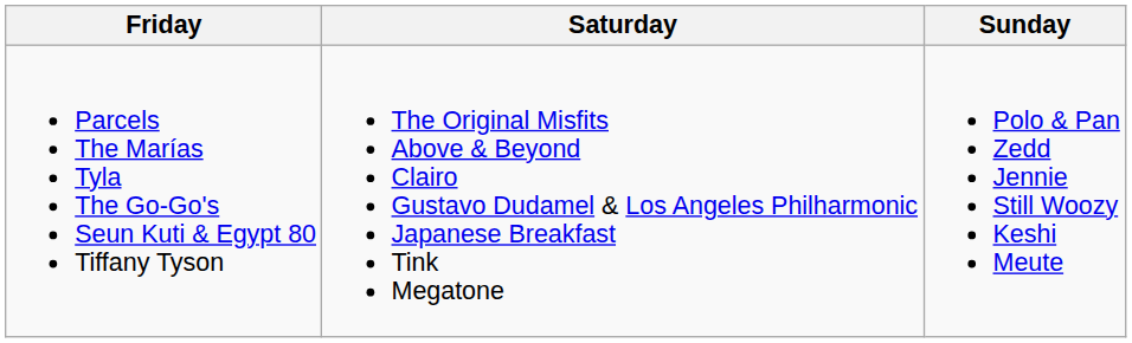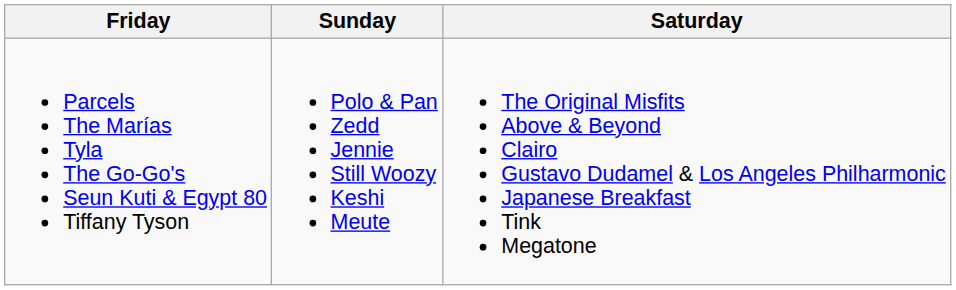 <table class="wikitable">
 <tr>
 <th>Friday</th>
+<th>Sunday</th>
 <th>Saturday</th>
-<th>Sunday</th>
 </tr>
 <tr valign="top">
 <td><br><ul><li><a href='#'>Parcels</a></li><li><a href='#'>The Marías</a></li><li><a href='#'>Tyla</a></li><li><a href='#'>The Go-Go's</a></li><li><a href='#'>Seun Kuti & Egypt 80</a></li><li>Tiffany Tyson</li></ul></td>
+<td><br><ul><li><a href='#'>Polo & Pan</a></li><li><a href='#'>Zedd</a></li><li><a href='#'>Jennie</a></li><li><a href='#'>Still Woozy</a></li><li><a href='#'>Keshi</a></li><li><a href='#'>Meute</a></li></ul></td>
 <td><br><ul><li><a href='#'>The Original Misfits</a></li><li><a href='#'>Above & Beyond</a></li><li><a href='#'>Clairo</a></li><li><a href='#'>Gustavo Dudamel</a> & <a href='#'>Los Angeles Philharmonic</a></li><li><a href='#'>Japanese Breakfast</a></li><li>Tink</li><li>Megatone</li></ul></td>
-<td><br><ul><li><a href='#'>Polo & Pan</a></li><li><a href='#'>Zedd</a></li><li><a href='#'>Jennie</a></li><li><a href='#'>Still Woozy</a></li><li><a href='#'>Keshi</a></li><li><a href='#'>Meute</a></li></ul></td>
 </tr>
 </table>
